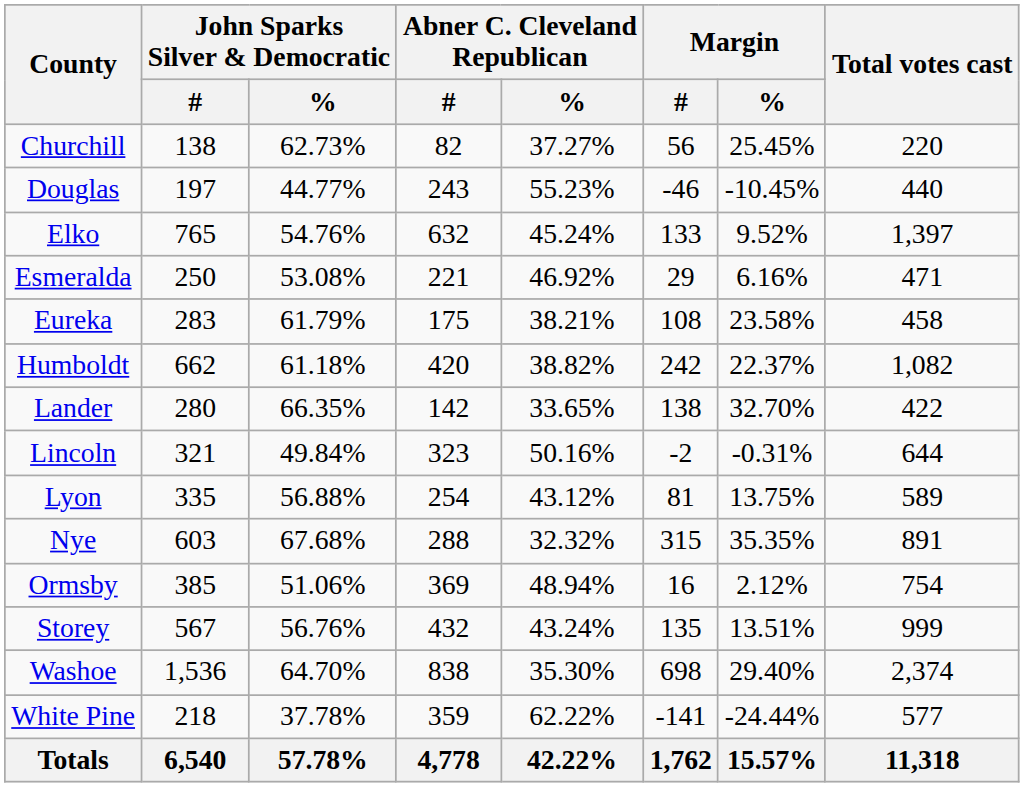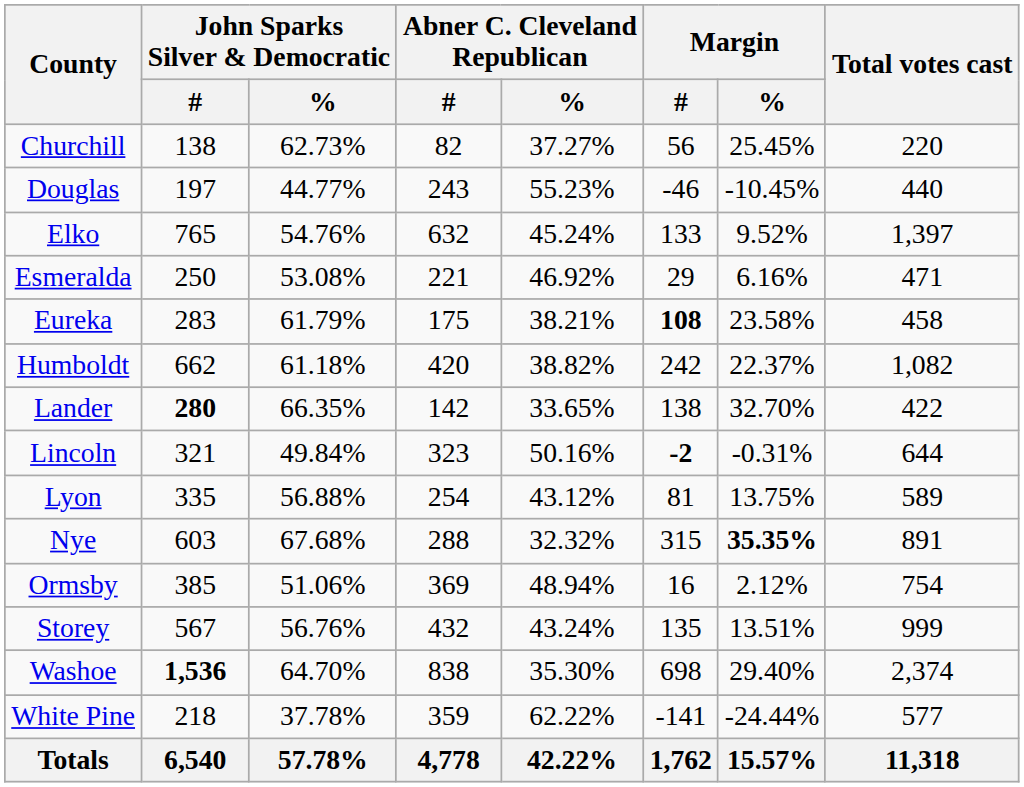 <table class="wikitable sortable" style="text-align:center">
 <tr>
 <th rowspan="2">County</th>
 <th style="text-align:center;" colspan="2">John Sparks<br>Silver & Democratic</th>
 <th style="text-align:center;" colspan="2">Abner C. Cleveland<br>Republican</th>
 <th style="text-align:center;" colspan="2">Margin</th>
 <th style="text-align:center;" rowspan="2">Total votes cast</th>
 </tr>
 <tr>
 <th style="text-align:center;" data-sort-type="number">#</th>
 <th style="text-align:center;" data-sort-type="number">%</th>
 <th style="text-align:center;" data-sort-type="number">#</th>
 <th style="text-align:center;" data-sort-type="number">%</th>
 <th style="text-align:center;" data-sort-type="number">#</th>
 <th style="text-align:center;" data-sort-type="number">%</th>
 </tr>
 <tr style="text-align:center;">
 <td><a href='#'>Churchill</a></td>
 <td>138</td>
 <td>62.73%</td>
 <td>82</td>
 <td>37.27%</td>
 <td>56</td>
 <td>25.45%</td>
 <td>220</td>
 </tr>
 <tr style="text-align:center;">
 <td><a href='#'>Douglas</a></td>
 <td>197</td>
 <td>44.77%</td>
 <td>243</td>
 <td>55.23%</td>
 <td>-46</td>
 <td>-10.45%</td>
 <td>440</td>
 </tr>
 <tr style="text-align:center;">
 <td><a href='#'>Elko</a></td>
 <td>765</td>
 <td>54.76%</td>
 <td>632</td>
 <td>45.24%</td>
 <td>133</td>
 <td>9.52%</td>
 <td>1,397</td>
 </tr>
 <tr style="text-align:center;">
 <td><a href='#'>Esmeralda</a></td>
 <td>250</td>
 <td>53.08%</td>
 <td>221</td>
 <td>46.92%</td>
 <td>29</td>
 <td>6.16%</td>
 <td>471</td>
 </tr>
 <tr style="text-align:center;">
 <td><a href='#'>Eureka</a></td>
 <td>283</td>
 <td>61.79%</td>
 <td>175</td>
 <td>38.21%</td>
-<td>108</td>
+<td><strong>108</strong></td>
 <td>23.58%</td>
 <td>458</td>
 </tr>
 <tr style="text-align:center;">
 <td><a href='#'>Humboldt</a></td>
 <td>662</td>
 <td>61.18%</td>
 <td>420</td>
 <td>38.82%</td>
 <td>242</td>
 <td>22.37%</td>
 <td>1,082</td>
 </tr>
 <tr style="text-align:center;">
 <td><a href='#'>Lander</a></td>
-<td>280</td>
+<td><strong>280</strong></td>
 <td>66.35%</td>
 <td>142</td>
 <td>33.65%</td>
 <td>138</td>
 <td>32.70%</td>
 <td>422</td>
 </tr>
 <tr style="text-align:center;">
 <td><a href='#'>Lincoln</a></td>
 <td>321</td>
 <td>49.84%</td>
 <td>323</td>
 <td>50.16%</td>
-<td>-2</td>
+<td><strong>-2</strong></td>
 <td>-0.31%</td>
 <td>644</td>
 </tr>
 <tr style="text-align:center;">
 <td><a href='#'>Lyon</a></td>
 <td>335</td>
 <td>56.88%</td>
 <td>254</td>
 <td>43.12%</td>
 <td>81</td>
 <td>13.75%</td>
 <td>589</td>
 </tr>
 <tr style="text-align:center;">
 <td><a href='#'>Nye</a></td>
 <td>603</td>
 <td>67.68%</td>
 <td>288</td>
 <td>32.32%</td>
 <td>315</td>
-<td>35.35%</td>
+<td><strong>35.35%</strong></td>
 <td>891</td>
 </tr>
 <tr style="text-align:center;">
 <td><a href='#'>Ormsby</a></td>
 <td>385</td>
 <td>51.06%</td>
 <td>369</td>
 <td>48.94%</td>
 <td>16</td>
 <td>2.12%</td>
 <td>754</td>
 </tr>
 <tr style="text-align:center;">
 <td><a href='#'>Storey</a></td>
 <td>567</td>
 <td>56.76%</td>
 <td>432</td>
 <td>43.24%</td>
 <td>135</td>
 <td>13.51%</td>
 <td>999</td>
 </tr>
 <tr style="text-align:center;">
 <td><a href='#'>Washoe</a></td>
-<td>1,536</td>
+<td><strong>1,536</strong></td>
 <td>64.70%</td>
 <td>838</td>
 <td>35.30%</td>
 <td>698</td>
 <td>29.40%</td>
 <td>2,374</td>
 </tr>
 <tr style="text-align:center;">
 <td><a href='#'>White Pine</a></td>
 <td>218</td>
 <td>37.78%</td>
 <td>359</td>
 <td>62.22%</td>
 <td>-141</td>
 <td>-24.44%</td>
 <td>577</td>
 </tr>
 <tr style="text-align:center;">
 <th>Totals</th>
 <th>6,540</th>
 <th>57.78%</th>
 <th>4,778</th>
 <th>42.22%</th>
 <th>1,762</th>
 <th>15.57%</th>
 <th>11,318</th>
 </tr>
 </table>
